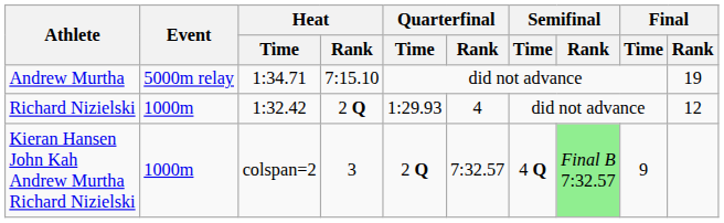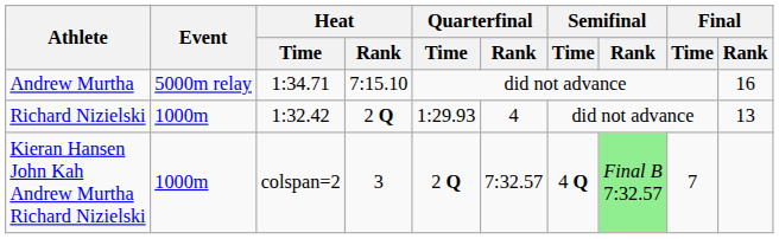 <table class="wikitable" style="font-size:90%">
 <tr>
 <th rowspan="2">Athlete</th>
 <th rowspan="2">Event</th>
 <th colspan="2">Heat</th>
 <th colspan="2">Quarterfinal</th>
 <th colspan="2">Semifinal</th>
 <th colspan="2">Final</th>
 </tr>
 <tr>
 <th>Time</th>
 <th>Rank</th>
 <th>Time</th>
 <th>Rank</th>
 <th>Time</th>
 <th>Rank</th>
 <th>Time</th>
 <th>Rank</th>
 </tr>
 <tr align="center">
 <td align="left"><a href='#'>Andrew Murtha</a></td>
 <td align="left"><a href='#'>5000m relay</a></td>
 <td>1:34.71</td>
 <td>7:15.10</td>
 <td colspan=5>did not advance</td>
-<td>19</td>
+<td>16</td>
 </tr>
 <tr align="center">
 <td align="left"><a href='#'>Richard Nizielski</a></td>
 <td align="left"><a href='#'>1000m</a></td>
 <td>1:32.42</td>
 <td>2 <strong>Q</strong></td>
 <td>1:29.93</td>
 <td>4</td>
 <td colspan=3>did not advance</td>
-<td>12</td>
+<td>13</td>
 </tr>
 <tr align="center">
 <td align="left" rowspan=2><a href='#'>Kieran Hansen</a> <br> <a href='#'>John Kah</a> <br> <a href='#'>Andrew Murtha</a> <br> <a href='#'>Richard Nizielski</a></td>
 <td align="left"><a href='#'>1000m</a></td>
 <td>colspan=2 </td>
 <td>3</td>
 <td>2 <strong>Q</strong></td>
 <td>7:32.57</td>
 <td>4 <strong>Q</strong></td>
 <td style="background: lightgreen;"><em>Final B</em> <br> 7:32.57</td>
-<td>9</td>
+<td>7</td>
 </tr>
 </table>
